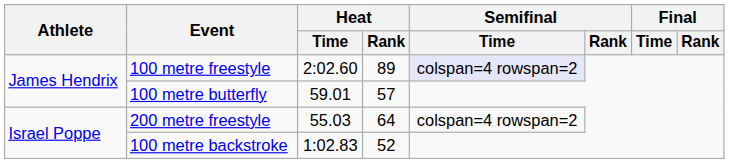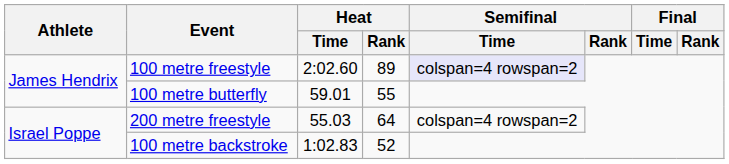 <table class="wikitable" style="text-align:center; font-size:90%; width:50%;">
 <tr>
 <th rowspan="2">Athlete</th>
 <th rowspan="2">Event</th>
 <th colspan="2">Heat</th>
 <th colspan="2">Semifinal</th>
 <th colspan="2">Final</th>
 </tr>
 <tr style="font-size:95%">
 <th>Time</th>
 <th>Rank</th>
 <th>Time</th>
 <th>Rank</th>
 <th>Time</th>
 <th>Rank</th>
 </tr>
 <tr>
 <td align=left rowspan=2><a href='#'>James Hendrix</a></td>
 <td align=left><a href='#'>100 metre freestyle</a></td>
 <td>2:02.60</td>
 <td>89</td>
 <td style="background: lavender;">colspan=4  rowspan=2 </td>
 </tr>
 <tr>
 <td align=left><a href='#'>100 metre butterfly</a></td>
 <td>59.01</td>
-<td>57</td>
+<td>55</td>
 </tr>
 <tr>
 <td align=left rowspan=2><a href='#'>Israel Poppe</a></td>
 <td align=left><a href='#'>200 metre freestyle</a></td>
 <td>55.03</td>
 <td>64</td>
 <td>colspan=4  rowspan=2 </td>
 </tr>
 <tr>
 <td align=left><a href='#'>100 metre backstroke</a></td>
 <td>1:02.83</td>
 <td>52</td>
 </tr>
 </table>
